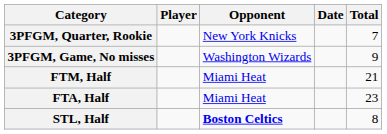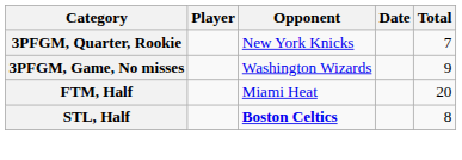 <table class="wikitable sortable">
 <tr>
 <th scope="col">Category</th>
 <th scope="col">Player</th>
 <th scope="col">Opponent</th>
 <th scope="col">Date</th>
 <th scope="col">Total</th>
 </tr>
 <tr>
 <th scope="row">3PFGM, Quarter, Rookie</th>
 <td></td>
 <td><a href='#'>New York Knicks</a></td>
 <td style="text-align:right"></td>
 <td style="text-align:right">7</td>
 </tr>
 <tr>
 <th scope="row">3PFGM, Game, No misses</th>
 <td></td>
 <td><a href='#'>Washington Wizards</a></td>
 <td style="text-align:right"></td>
 <td style="text-align:right">9</td>
 </tr>
 <tr>
 <th scope="row">FTM, Half</th>
 <td></td>
 <td><a href='#'>Miami Heat</a></td>
 <td style="text-align:right"></td>
-<td style="text-align:right">21</td>
-</tr>
-<tr>
-<th scope="row">FTA, Half</th>
-<td></td>
-<td><a href='#'>Miami Heat</a></td>
-<td style="text-align:right"></td>
-<td style="text-align:right">23</td>
+<td style="text-align:right">20</td>
 </tr>
 <tr>
 <th scope="row">STL, Half</th>
 <td></td>
 <td><strong><a href='#'>Boston Celtics</a></strong></td>
 <td style="text-align:right"></td>
 <td style="text-align:right">8</td>
 </tr>
 </table>
